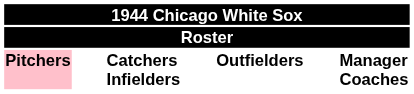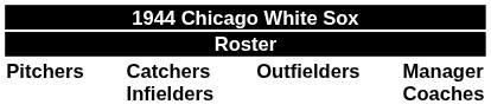 <table class="toccolours" style="font-size: 95%;">
 <tr>
 <th colspan="10" style="background-color: black; color: white; text-align: center;">1944 Chicago White Sox</th>
 </tr>
 <tr>
 <td colspan="10" style="background-color: black; color: white; text-align: center;"><strong>Roster</strong></td>
 </tr>
 <tr>
-<td valign="top" style="background: pink;"><strong>Pitchers</strong><br>          </td>
+<td valign="top"><strong>Pitchers</strong><br>          </td>
 <td width="25px"></td>
 <td valign="top"><strong>Catchers</strong><br>    <strong>Infielders</strong>        </td>
 <td width="25px"></td>
 <td valign="top"><strong>Outfielders</strong><br>     </td>
 <td width="25px"></td>
 <td valign="top"><strong>Manager</strong><br> <strong>Coaches</strong>   </td>
 </tr>
 </table>
